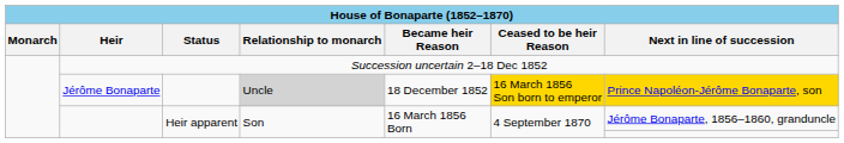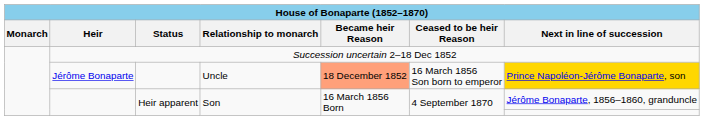 <table class="wikitable" style="font-size:95%">
 <tr>
 <th colspan="7" style="background: skyblue;">House of Bonaparte (1852–1870)</th>
 </tr>
 <tr>
 <th>Monarch</th>
 <th>Heir</th>
 <th>Status</th>
 <th>Relationship to monarch</th>
 <th>Became heir<br>Reason</th>
 <th>Ceased to be heir<br>Reason</th>
 <th>Next in line of succession</th>
 </tr>
 <tr>
 <td rowspan=4></td>
 <td colspan=6 style="text-align:center"><em>Succession uncertain</em> 2–18 Dec 1852</td>
 </tr>
 <tr>
 <td><a href='#'>Jérôme Bonaparte</a></td>
 <td></td>
-<td style="background: lightgrey;">Uncle</td>
-<td>18 December 1852<br></td>
-<td style="background: gold;">16 March 1856<br>Son born to emperor</td>
+<td>Uncle</td>
+<td style="background: lightsalmon;">18 December 1852<br></td>
+<td>16 March 1856<br>Son born to emperor</td>
 <td style="background: gold;"><a href='#'>Prince Napoléon-Jérôme Bonaparte</a>, son</td>
 </tr>
 <tr>
 <td rowspan=2></td>
 <td rowspan=2>Heir apparent</td>
 <td rowspan=2>Son</td>
 <td rowspan=2>16 March 1856<br>Born</td>
 <td rowspan=2>4 September 1870<br></td>
 <td><a href='#'>Jérôme Bonaparte</a>, 1856–1860, granduncle</td>
 </tr>
 <tr>
 <td></td>
 </tr>
 </table>
